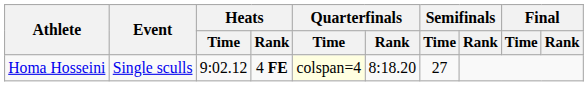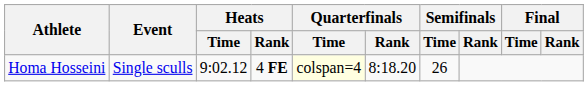 <table class="wikitable" style="font-size:90%">
 <tr>
 <th rowspan="2">Athlete</th>
 <th rowspan="2">Event</th>
 <th colspan="2">Heats</th>
 <th colspan="2">Quarterfinals</th>
 <th colspan="2">Semifinals</th>
 <th colspan="2">Final</th>
 </tr>
 <tr style="font-size:95%">
 <th>Time</th>
 <th>Rank</th>
 <th>Time</th>
 <th>Rank</th>
 <th>Time</th>
 <th>Rank</th>
 <th>Time</th>
 <th>Rank</th>
 </tr>
 <tr align=center>
 <td align=left><a href='#'>Homa Hosseini</a></td>
 <td align=left><a href='#'>Single sculls</a></td>
 <td>9:02.12</td>
 <td>4 <strong>FE</strong></td>
 <td style="background: lightyellow;">colspan=4 </td>
 <td>8:18.20</td>
-<td>27</td>
+<td>26</td>
 </tr>
 </table>
